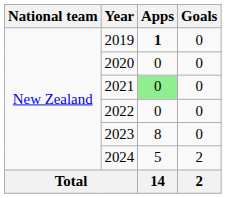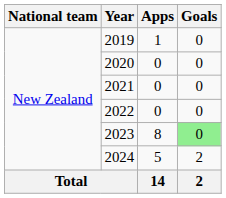 <table class="wikitable" style="text-align: center;">
 <tr>
 <th>National team</th>
 <th>Year</th>
 <th>Apps</th>
 <th>Goals</th>
 </tr>
 <tr>
 <td rowspan="6"><a href='#'>New Zealand</a></td>
 <td>2019</td>
-<td><strong>1</strong></td>
+<td>1</td>
 <td>0</td>
 </tr>
 <tr>
 <td>2020</td>
 <td>0</td>
 <td>0</td>
 </tr>
 <tr>
 <td>2021</td>
-<td style="background: lightgreen;">0</td>
+<td>0</td>
 <td>0</td>
 </tr>
 <tr>
 <td>2022</td>
 <td>0</td>
 <td>0</td>
 </tr>
 <tr>
 <td>2023</td>
 <td>8</td>
-<td>0</td>
+<td style="background: lightgreen;">0</td>
 </tr>
 <tr>
 <td>2024</td>
 <td>5</td>
 <td>2</td>
 </tr>
 <tr>
 <th colspan="2">Total</th>
 <th>14</th>
 <th>2</th>
 </tr>
 </table>
